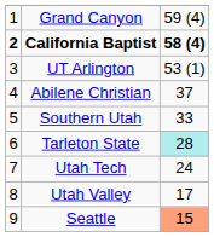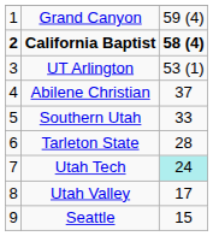 <table class="wikitable" border="1">
 <tr align=center>
 </tr>
 <tr align="center">
 <td>1</td>
 <td><a href='#'>Grand Canyon</a></td>
 <td>59 (4)</td>
 </tr>
 <tr align="center">
 <td><strong>2</strong></td>
 <td><strong>California Baptist</strong></td>
 <td><strong>58 (4)</strong></td>
 </tr>
 <tr align="center">
 <td>3</td>
 <td><a href='#'>UT Arlington</a></td>
 <td>53 (1)</td>
 </tr>
 <tr align="center">
 <td>4</td>
 <td><a href='#'>Abilene Christian</a></td>
 <td>37</td>
 </tr>
 <tr align="center">
 <td>5</td>
 <td><a href='#'>Southern Utah</a></td>
 <td>33</td>
 </tr>
 <tr align="center">
 <td>6</td>
 <td><a href='#'>Tarleton State</a></td>
-<td style="background: paleturquoise;">28</td>
+<td>28</td>
 </tr>
 <tr align="center">
 <td>7</td>
 <td><a href='#'>Utah Tech</a></td>
-<td>24</td>
+<td style="background: paleturquoise;">24</td>
 </tr>
 <tr align="center">
 <td>8</td>
 <td><a href='#'>Utah Valley</a></td>
 <td>17</td>
 </tr>
 <tr align="center">
 <td>9</td>
 <td><a href='#'>Seattle</a></td>
-<td style="background: lightsalmon;">15</td>
+<td>15</td>
 </tr>
 </table>
